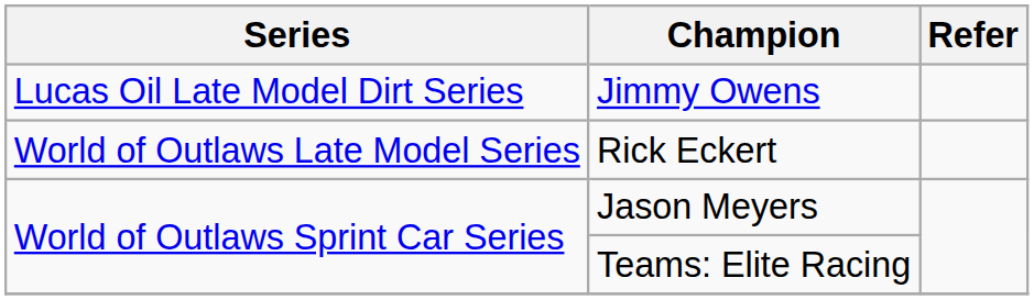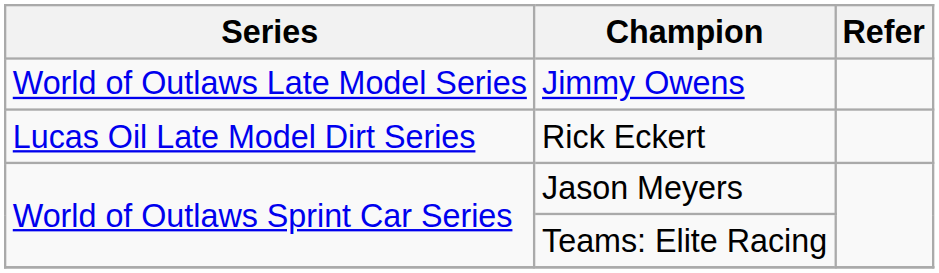 <table class="wikitable" style="font-size:87%;">
 <tr>
 <th>Series</th>
 <th>Champion</th>
 <th>Refer</th>
 </tr>
 <tr>
-<td><a href='#'>Lucas Oil Late Model Dirt Series</a></td>
+<td><a href='#'>World of Outlaws Late Model Series</a></td>
 <td> <a href='#'>Jimmy Owens</a></td>
 <td></td>
 </tr>
 <tr>
-<td><a href='#'>World of Outlaws Late Model Series</a></td>
+<td><a href='#'>Lucas Oil Late Model Dirt Series</a></td>
 <td> Rick Eckert</td>
 <td></td>
 </tr>
 <tr>
 <td rowspan=2><a href='#'>World of Outlaws Sprint Car Series</a></td>
 <td> Jason Meyers</td>
 <td rowspan=2></td>
 </tr>
 <tr>
 <td>Teams:  Elite Racing</td>
 </tr>
 <tr>
 </tr>
 </table>
